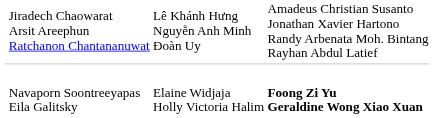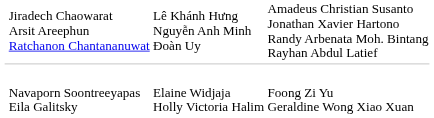 <table>
 <tr>
 <td></td>
 <td></td>
 <td nowrap></td>
 <td></td>
 </tr>
 <tr>
 <td></td>
 <td nowrap><br>Jiradech Chaowarat <br>Arsit Areephun <br><a href='#'>Ratchanon Chantananuwat</a></td>
 <td><br>Lê Khánh Hưng <br>Nguyễn Anh Minh <br>Đoàn Uy</td>
 <td nowrap><br>Amadeus Christian Susanto<br>Jonathan Xavier Hartono<br>Randy Arbenata Moh. Bintang<br>Rayhan Abdul Latief</td>
 </tr>
 <tr style="background:#dddddd;">
 <td colspan=7></td>
 </tr>
 <tr>
 <td></td>
 <td></td>
 <td></td>
 <td></td>
 </tr>
 <tr>
 <td></td>
 <td><br>Navaporn Soontreeyapas<br>Eila Galitsky</td>
 <td><br>Elaine Widjaja <br>Holly Victoria Halim</td>
-<td><strong><br>Foong Zi Yu <br>Geraldine Wong Xiao Xuan</strong></td>
+<td><br>Foong Zi Yu <br>Geraldine Wong Xiao Xuan</td>
 </tr>
 </table>
